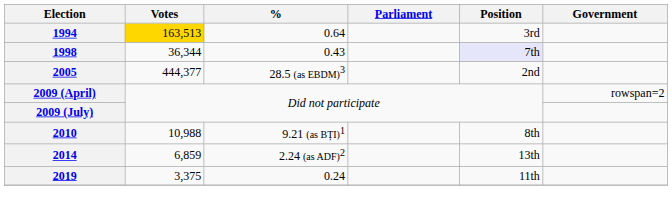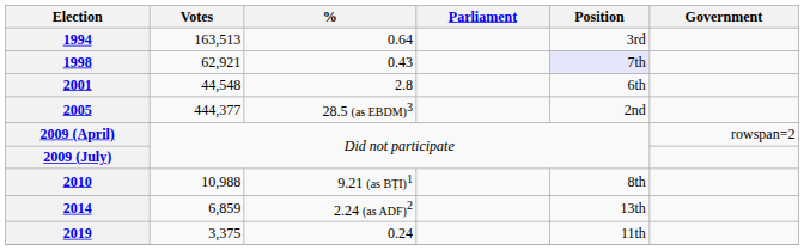 <table class=wikitable style="text-align: right;" width=70%>
 <tr>
 <th>Election</th>
 <th>Votes</th>
 <th>%</th>
 <th><a href='#'>Parliament</a></th>
 <th>Position</th>
 <th>Government</th>
 </tr>
 <tr>
 <th><a href='#'>1994</a></th>
-<td style="background: gold;">163,513</td>
+<td>163,513</td>
 <td>0.64</td>
 <td></td>
 <td>3rd</td>
 <td></td>
 </tr>
 <tr>
 <th><a href='#'>1998</a></th>
-<td>36,344</td>
+<td>62,921</td>
 <td>0.43</td>
 <td></td>
 <td style="background: lavender;">7th</td>
+<td></td>
+</tr>
+<tr>
+<th><a href='#'>2001</a></th>
+<td>44,548</td>
+<td>2.8</td>
+<td></td>
+<td>6th</td>
 <td></td>
 </tr>
 <tr>
 <th><a href='#'>2005</a></th>
 <td>444,377</td>
 <td>28.5 <small>(as EBDM)</small><sup>3</sup></td>
 <td></td>
 <td>2nd</td>
 <td></td>
 </tr>
 <tr>
 <th><a href='#'>2009 (April)</a></th>
 <td style="text-align:center" rowspan=2 colspan=4><em>Did not participate</em></td>
 <td>rowspan=2 </td>
 </tr>
 <tr>
 <th><a href='#'>2009 (July)</a></th>
 </tr>
 <tr>
 <th><a href='#'>2010</a></th>
 <td>10,988</td>
 <td>9.21 <small>(as BȚI)</small><sup>1</sup></td>
 <td></td>
 <td>8th</td>
 <td></td>
 </tr>
 <tr>
 <th><a href='#'>2014</a></th>
 <td>6,859</td>
 <td>2.24 <small>(as ADF)</small><sup>2</sup></td>
 <td></td>
 <td>13th</td>
 <td></td>
 </tr>
 <tr>
 <th><a href='#'>2019</a></th>
 <td>3,375</td>
 <td>0.24</td>
 <td></td>
 <td>11th</td>
 <td></td>
 </tr>
 <tr>
 </tr>
 </table>
